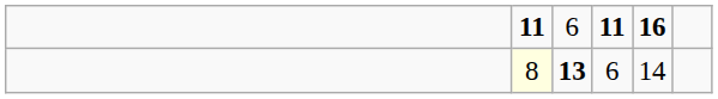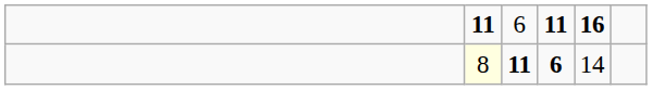 <table class="wikitable">
 <tr>
 <td style="width:18em"><strong></strong></td>
 <td align=center style="width:1em"><strong>11</strong></td>
 <td align=center style="width:1em">6</td>
 <td align=center style="width:1em"><strong>11</strong></td>
 <td align=center style="width:1em"><strong>16</strong></td>
 <td align=center style="width:1em"></td>
 </tr>
 <tr>
 <td style="width:18em"></td>
 <td align=center style="background: lightyellow; width:1em">8</td>
-<td align=center style="width:1em"><strong>13</strong></td>
-<td align=center style="width:1em">6</td>
+<td align=center style="width:1em"><strong>11</strong></td>
+<td align=center style="width:1em"><strong>6</strong></td>
 <td align=center style="width:1em">14</td>
 <td align=center style="width:1em"></td>
 </tr>
 </table>
